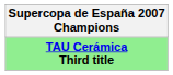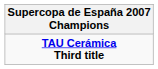 <table class=wikitable style="text-align:center; margin:auto">
 <tr>
 <th>Supercopa de España 2007 <br> Champions</th>
 </tr>
 <tr>
-<td style="background: lightgreen;"><strong><a href='#'>TAU Cerámica</a></strong> <br> <strong>Third title</strong></td>
+<td><strong><a href='#'>TAU Cerámica</a></strong> <br> <strong>Third title</strong></td>
 </tr>
 </table>
